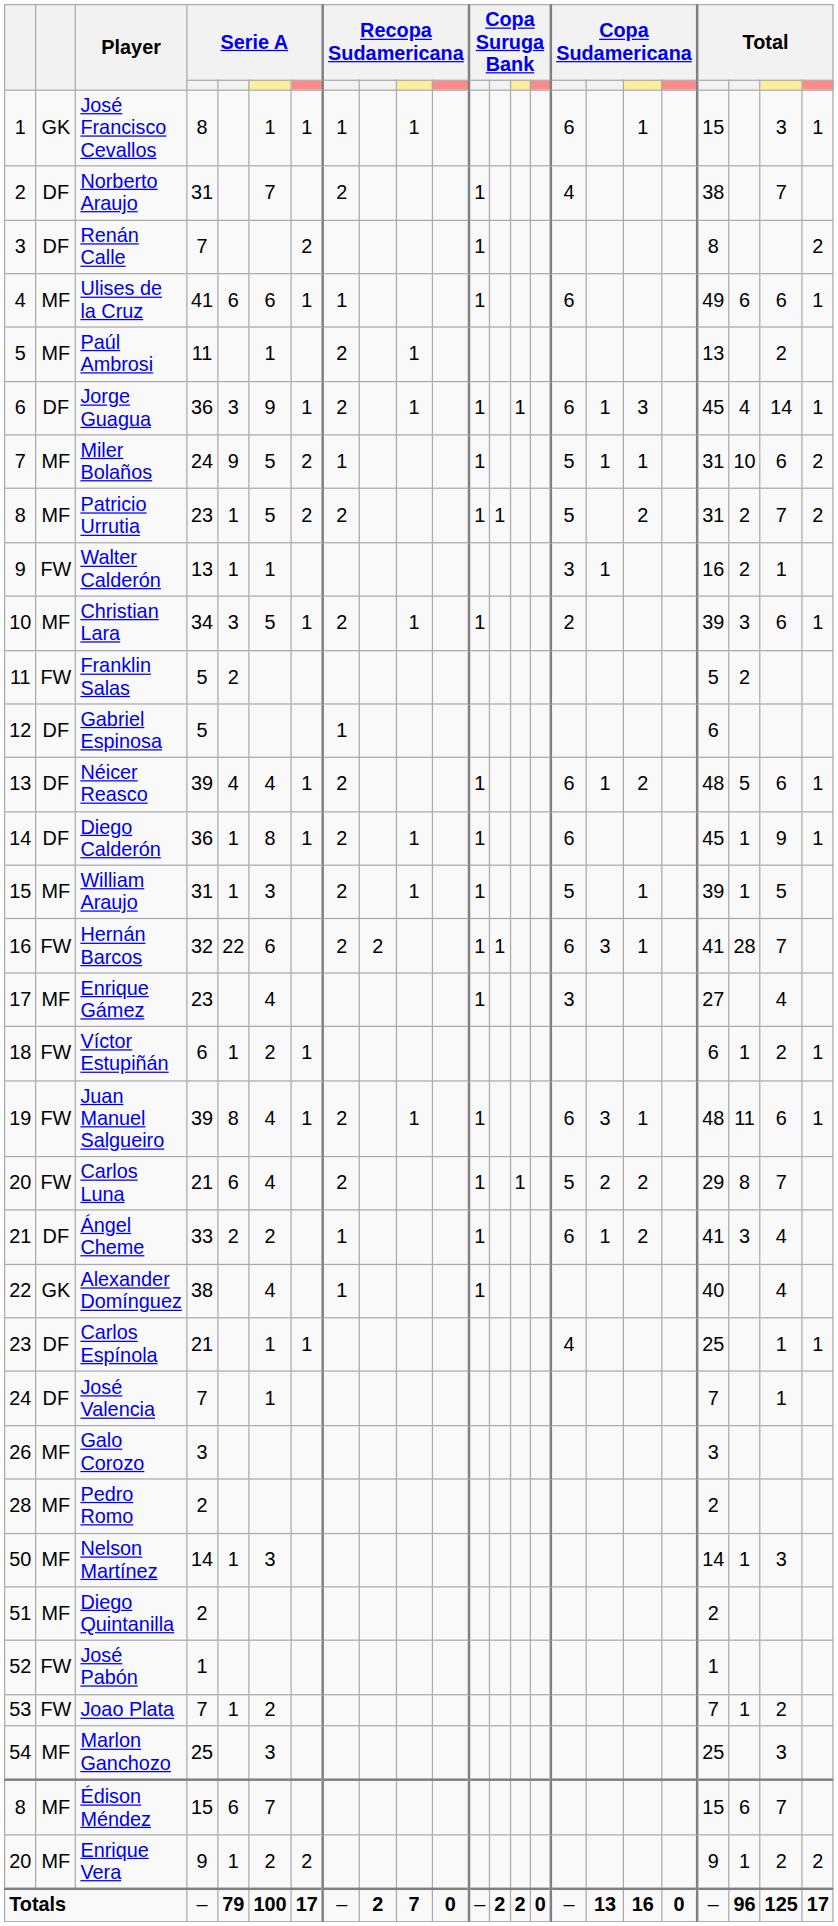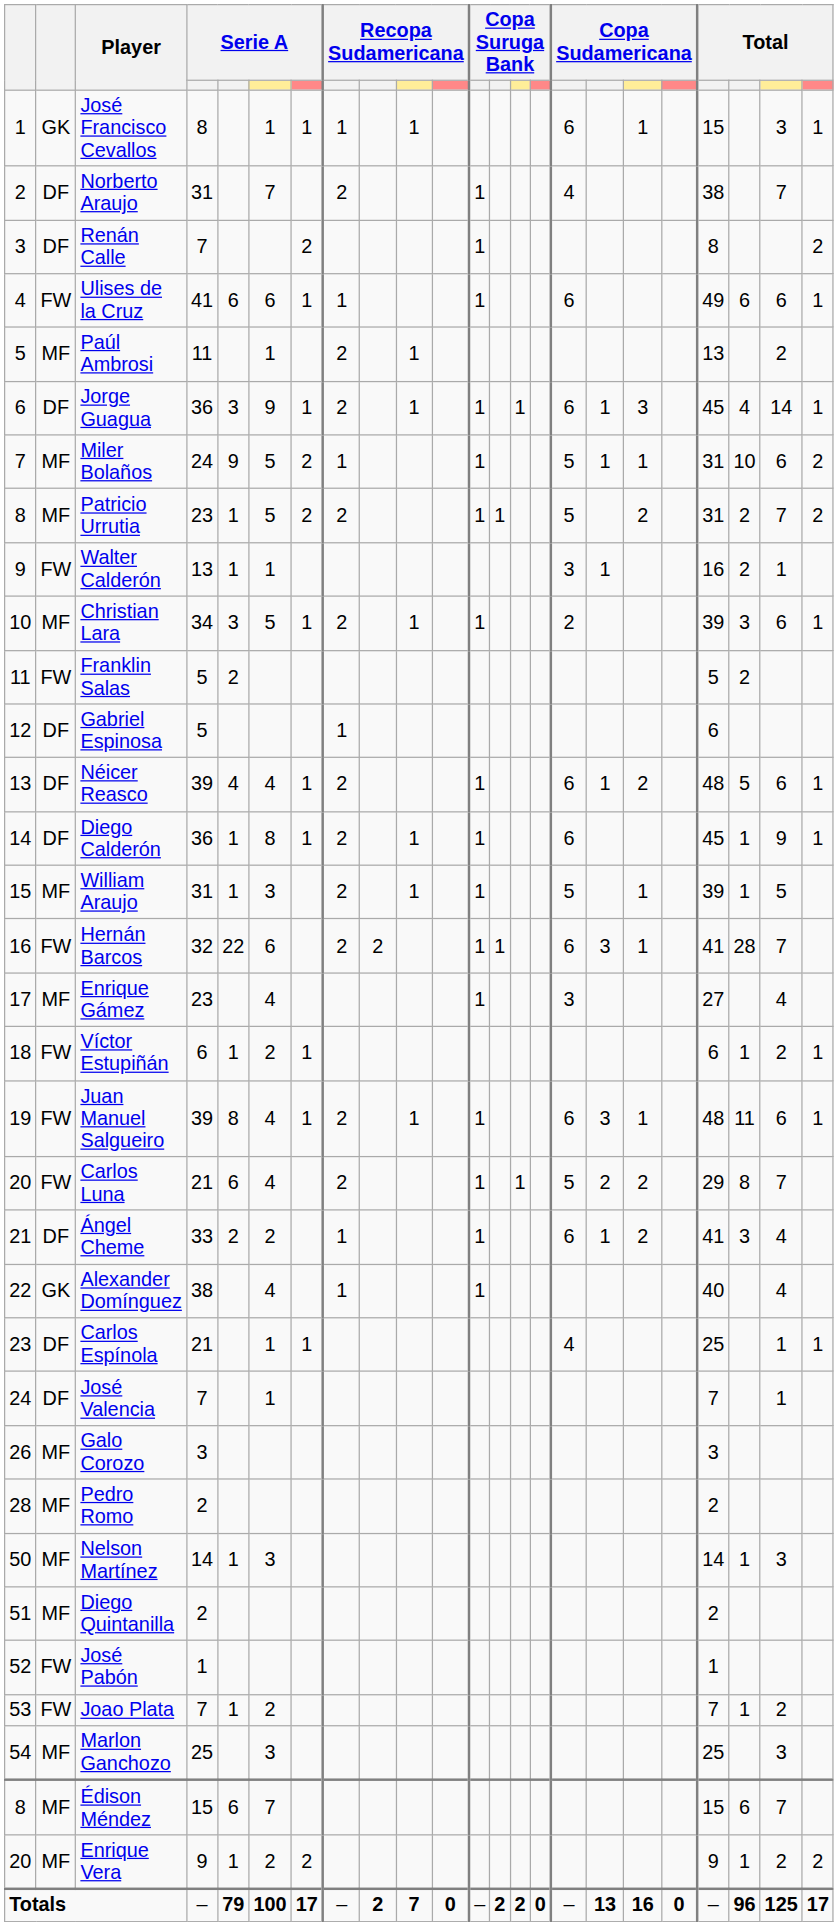 <table class="wikitable" style="text-align: center">
 <tr>
 <th rowspan="2" width=30 align="center"><strong></strong></th>
 <th rowspan="2" width=30 align="center"><strong></strong></th>
 <th rowspan="2" width=175 align="center"><strong>Player</strong></th>
 <th colspan="4" style="border-right:2px solid grey;" align="center"><strong><a href='#'>Serie A</a></strong></th>
 <th colspan="4" style="border-right:2px solid grey;" align="center"><strong><a href='#'>Recopa<br>Sudamericana</a></strong></th>
 <th colspan="4" style="border-right:2px solid grey;" align="center"><strong><a href='#'>Copa<br>Suruga Bank</a></strong></th>
 <th colspan="4" style="border-right:2px solid grey;" align="center"><strong><a href='#'>Copa<br>Sudamericana</a></strong></th>
 <th colspan="4" align="center"><strong>Total</strong></th>
 </tr>
 <tr>
 <th width=25 style="background:"></th>
 <th width=25 style="background:"></th>
 <th width=25 style="background: #FFEE99"></th>
 <th width=25 style="border-right:2px solid grey; background:#FF8888"></th>
 <th width=25 style="background:"></th>
 <th width=25 style="background:"></th>
 <th width=25 style="background: #FFEE99"></th>
 <th width=25 style="border-right:2px solid grey; background:#FF8888"></th>
 <th width=25 style="background:"></th>
 <th width=25 style="background:"></th>
 <th width=25 style="background: #FFEE99"></th>
 <th width=25 style="border-right:2px solid grey; background:#FF8888"></th>
 <th width=25 style="background:"></th>
 <th width=25 style="background:"></th>
 <th width=25 style="background: #FFEE99"></th>
 <th width=25 style="border-right:2px solid grey; background:#FF8888"></th>
 <th width=25 style="background:"></th>
 <th width=25 style="background:"></th>
 <th width=25 style="background: #FFEE99"></th>
 <th width=25 style="background: #FF8888"></th>
 </tr>
 <tr>
 <td>1</td>
 <td>GK</td>
 <td align=left><a href='#'>José Francisco Cevallos</a></td>
 <td>8</td>
 <td></td>
 <td>1</td>
 <td>1</td>
 <td style="border-left:2px solid grey">1</td>
 <td></td>
 <td>1</td>
 <td></td>
 <td style="border-left:2px solid grey"></td>
 <td></td>
 <td></td>
 <td></td>
 <td style="border-left:2px solid grey">6</td>
 <td></td>
 <td>1</td>
 <td></td>
 <td style="border-left:2px solid grey">15</td>
 <td></td>
 <td>3</td>
 <td>1</td>
 </tr>
 <tr>
 <td>2</td>
 <td>DF</td>
 <td align=left><a href='#'>Norberto Araujo</a></td>
 <td>31</td>
 <td></td>
 <td>7</td>
 <td></td>
 <td style="border-left:2px solid grey">2</td>
 <td></td>
 <td></td>
 <td></td>
 <td style="border-left:2px solid grey">1</td>
 <td></td>
 <td></td>
 <td></td>
 <td style="border-left:2px solid grey">4</td>
 <td></td>
 <td></td>
 <td></td>
 <td style="border-left:2px solid grey">38</td>
 <td></td>
 <td>7</td>
 <td></td>
 </tr>
 <tr>
 <td>3</td>
 <td>DF</td>
 <td align=left><a href='#'>Renán Calle</a></td>
 <td>7</td>
 <td></td>
 <td></td>
 <td>2</td>
 <td style="border-left:2px solid grey"></td>
 <td></td>
 <td></td>
 <td></td>
 <td style="border-left:2px solid grey">1</td>
 <td></td>
 <td></td>
 <td></td>
 <td style="border-left:2px solid grey"></td>
 <td></td>
 <td></td>
 <td></td>
 <td style="border-left:2px solid grey">8</td>
 <td></td>
 <td></td>
 <td>2</td>
 </tr>
 <tr>
 <td>4</td>
-<td>MF</td>
+<td>FW</td>
 <td align=left><a href='#'>Ulises de la Cruz</a></td>
 <td>41</td>
 <td>6</td>
 <td>6</td>
 <td>1</td>
 <td style="border-left:2px solid grey">1</td>
 <td></td>
 <td></td>
 <td></td>
 <td style="border-left:2px solid grey">1</td>
 <td></td>
 <td></td>
 <td></td>
 <td style="border-left:2px solid grey">6</td>
 <td></td>
 <td></td>
 <td></td>
 <td style="border-left:2px solid grey">49</td>
 <td>6</td>
 <td>6</td>
 <td>1</td>
 </tr>
 <tr>
 <td>5</td>
 <td>MF</td>
 <td align=left><a href='#'>Paúl Ambrosi</a></td>
 <td>11</td>
 <td></td>
 <td>1</td>
 <td></td>
 <td style="border-left:2px solid grey">2</td>
 <td></td>
 <td>1</td>
 <td></td>
 <td style="border-left:2px solid grey"></td>
 <td></td>
 <td></td>
 <td></td>
 <td style="border-left:2px solid grey"></td>
 <td></td>
 <td></td>
 <td></td>
 <td style="border-left:2px solid grey">13</td>
 <td></td>
 <td>2</td>
 <td></td>
 </tr>
 <tr>
 <td>6</td>
 <td>DF</td>
 <td align=left><a href='#'>Jorge Guagua</a></td>
 <td>36</td>
 <td>3</td>
 <td>9</td>
 <td>1</td>
 <td style="border-left:2px solid grey">2</td>
 <td></td>
 <td>1</td>
 <td></td>
 <td style="border-left:2px solid grey">1</td>
 <td></td>
 <td>1</td>
 <td></td>
 <td style="border-left:2px solid grey">6</td>
 <td>1</td>
 <td>3</td>
 <td></td>
 <td style="border-left:2px solid grey">45</td>
 <td>4</td>
 <td>14</td>
 <td>1</td>
 </tr>
 <tr>
 <td>7</td>
 <td>MF</td>
 <td align=left><a href='#'>Miler Bolaños</a></td>
 <td>24</td>
 <td>9</td>
 <td>5</td>
 <td>2</td>
 <td style="border-left:2px solid grey">1</td>
 <td></td>
 <td></td>
 <td></td>
 <td style="border-left:2px solid grey">1</td>
 <td></td>
 <td></td>
 <td></td>
 <td style="border-left:2px solid grey">5</td>
 <td>1</td>
 <td>1</td>
 <td></td>
 <td style="border-left:2px solid grey">31</td>
 <td>10</td>
 <td>6</td>
 <td>2</td>
 </tr>
 <tr>
 <td>8</td>
 <td>MF</td>
 <td align=left><a href='#'>Patricio Urrutia</a></td>
 <td>23</td>
 <td>1</td>
 <td>5</td>
 <td>2</td>
 <td style="border-left:2px solid grey">2</td>
 <td></td>
 <td></td>
 <td></td>
 <td style="border-left:2px solid grey">1</td>
 <td>1</td>
 <td></td>
 <td></td>
 <td style="border-left:2px solid grey">5</td>
 <td></td>
 <td>2</td>
 <td></td>
 <td style="border-left:2px solid grey">31</td>
 <td>2</td>
 <td>7</td>
 <td>2</td>
 </tr>
 <tr>
 <td>9</td>
 <td>FW</td>
 <td align=left><a href='#'>Walter Calderón</a></td>
 <td>13</td>
 <td>1</td>
 <td>1</td>
 <td></td>
 <td style="border-left:2px solid grey"></td>
 <td></td>
 <td></td>
 <td></td>
 <td style="border-left:2px solid grey"></td>
 <td></td>
 <td></td>
 <td></td>
 <td style="border-left:2px solid grey">3</td>
 <td>1</td>
 <td></td>
 <td></td>
 <td style="border-left:2px solid grey">16</td>
 <td>2</td>
 <td>1</td>
 <td></td>
 </tr>
 <tr>
 <td>10</td>
 <td>MF</td>
 <td align=left><a href='#'>Christian Lara</a></td>
 <td>34</td>
 <td>3</td>
 <td>5</td>
 <td>1</td>
 <td style="border-left:2px solid grey">2</td>
 <td></td>
 <td>1</td>
 <td></td>
 <td style="border-left:2px solid grey">1</td>
 <td></td>
 <td></td>
 <td></td>
 <td style="border-left:2px solid grey">2</td>
 <td></td>
 <td></td>
 <td></td>
 <td style="border-left:2px solid grey">39</td>
 <td>3</td>
 <td>6</td>
 <td>1</td>
 </tr>
 <tr>
 <td>11</td>
 <td>FW</td>
 <td align=left><a href='#'>Franklin Salas</a></td>
 <td>5</td>
 <td>2</td>
 <td></td>
 <td></td>
 <td style="border-left:2px solid grey"></td>
 <td></td>
 <td></td>
 <td></td>
 <td style="border-left:2px solid grey"></td>
 <td></td>
 <td></td>
 <td></td>
 <td style="border-left:2px solid grey"></td>
 <td></td>
 <td></td>
 <td></td>
 <td style="border-left:2px solid grey">5</td>
 <td>2</td>
 <td></td>
 <td></td>
 </tr>
 <tr>
 <td>12</td>
 <td>DF</td>
 <td align=left><a href='#'>Gabriel Espinosa</a></td>
 <td>5</td>
 <td></td>
 <td></td>
 <td></td>
 <td style="border-left:2px solid grey">1</td>
 <td></td>
 <td></td>
 <td></td>
 <td style="border-left:2px solid grey"></td>
 <td></td>
 <td></td>
 <td></td>
 <td style="border-left:2px solid grey"></td>
 <td></td>
 <td></td>
 <td></td>
 <td style="border-left:2px solid grey">6</td>
 <td></td>
 <td></td>
 <td></td>
 </tr>
 <tr>
 <td>13</td>
 <td>DF</td>
 <td align=left><a href='#'>Néicer Reasco</a></td>
 <td>39</td>
 <td>4</td>
 <td>4</td>
 <td>1</td>
 <td style="border-left:2px solid grey">2</td>
 <td></td>
 <td></td>
 <td></td>
 <td style="border-left:2px solid grey">1</td>
 <td></td>
 <td></td>
 <td></td>
 <td style="border-left:2px solid grey">6</td>
 <td>1</td>
 <td>2</td>
 <td></td>
 <td style="border-left:2px solid grey">48</td>
 <td>5</td>
 <td>6</td>
 <td>1</td>
 </tr>
 <tr>
 <td>14</td>
 <td>DF</td>
 <td align=left><a href='#'>Diego Calderón</a></td>
 <td>36</td>
 <td>1</td>
 <td>8</td>
 <td>1</td>
 <td style="border-left:2px solid grey">2</td>
 <td></td>
 <td>1</td>
 <td></td>
 <td style="border-left:2px solid grey">1</td>
 <td></td>
 <td></td>
 <td></td>
 <td style="border-left:2px solid grey">6</td>
 <td></td>
 <td></td>
 <td></td>
 <td style="border-left:2px solid grey">45</td>
 <td>1</td>
 <td>9</td>
 <td>1</td>
 </tr>
 <tr>
 <td>15</td>
 <td>MF</td>
 <td align=left><a href='#'>William Araujo</a></td>
 <td>31</td>
 <td>1</td>
 <td>3</td>
 <td></td>
 <td style="border-left:2px solid grey">2</td>
 <td></td>
 <td>1</td>
 <td></td>
 <td style="border-left:2px solid grey">1</td>
 <td></td>
 <td></td>
 <td></td>
 <td style="border-left:2px solid grey">5</td>
 <td></td>
 <td>1</td>
 <td></td>
 <td style="border-left:2px solid grey">39</td>
 <td>1</td>
 <td>5</td>
 <td></td>
 </tr>
 <tr>
 <td>16</td>
 <td>FW</td>
 <td align=left><a href='#'>Hernán Barcos</a></td>
 <td>32</td>
 <td>22</td>
 <td>6</td>
 <td></td>
 <td style="border-left:2px solid grey">2</td>
 <td>2</td>
 <td></td>
 <td></td>
 <td style="border-left:2px solid grey">1</td>
 <td>1</td>
 <td></td>
 <td></td>
 <td style="border-left:2px solid grey">6</td>
 <td>3</td>
 <td>1</td>
 <td></td>
 <td style="border-left:2px solid grey">41</td>
 <td>28</td>
 <td>7</td>
 <td></td>
 </tr>
 <tr>
 <td>17</td>
 <td>MF</td>
 <td align=left><a href='#'>Enrique Gámez</a></td>
 <td>23</td>
 <td></td>
 <td>4</td>
 <td></td>
 <td style="border-left:2px solid grey"></td>
 <td></td>
 <td></td>
 <td></td>
 <td style="border-left:2px solid grey">1</td>
 <td></td>
 <td></td>
 <td></td>
 <td style="border-left:2px solid grey">3</td>
 <td></td>
 <td></td>
 <td></td>
 <td style="border-left:2px solid grey">27</td>
 <td></td>
 <td>4</td>
 <td></td>
 </tr>
 <tr>
 <td>18</td>
 <td>FW</td>
 <td align=left><a href='#'>Víctor Estupiñán</a></td>
 <td>6</td>
 <td>1</td>
 <td>2</td>
 <td>1</td>
 <td style="border-left:2px solid grey"></td>
 <td></td>
 <td></td>
 <td></td>
 <td style="border-left:2px solid grey"></td>
 <td></td>
 <td></td>
 <td></td>
 <td style="border-left:2px solid grey"></td>
 <td></td>
 <td></td>
 <td></td>
 <td style="border-left:2px solid grey">6</td>
 <td>1</td>
 <td>2</td>
 <td>1</td>
 </tr>
 <tr>
 <td>19</td>
 <td>FW</td>
 <td align=left><a href='#'>Juan Manuel Salgueiro</a></td>
 <td>39</td>
 <td>8</td>
 <td>4</td>
 <td>1</td>
 <td style="border-left:2px solid grey">2</td>
 <td></td>
 <td>1</td>
 <td></td>
 <td style="border-left:2px solid grey">1</td>
 <td></td>
 <td></td>
 <td></td>
 <td style="border-left:2px solid grey">6</td>
 <td>3</td>
 <td>1</td>
 <td></td>
 <td style="border-left:2px solid grey">48</td>
 <td>11</td>
 <td>6</td>
 <td>1</td>
 </tr>
 <tr>
 <td>20</td>
 <td>FW</td>
 <td align=left><a href='#'>Carlos Luna</a></td>
 <td>21</td>
 <td>6</td>
 <td>4</td>
 <td></td>
 <td style="border-left:2px solid grey">2</td>
 <td></td>
 <td></td>
 <td></td>
 <td style="border-left:2px solid grey">1</td>
 <td></td>
 <td>1</td>
 <td></td>
 <td style="border-left:2px solid grey">5</td>
 <td>2</td>
 <td>2</td>
 <td></td>
 <td style="border-left:2px solid grey">29</td>
 <td>8</td>
 <td>7</td>
 <td></td>
 </tr>
 <tr>
 <td>21</td>
 <td>DF</td>
 <td align=left><a href='#'>Ángel Cheme</a></td>
 <td>33</td>
 <td>2</td>
 <td>2</td>
 <td></td>
 <td style="border-left:2px solid grey">1</td>
 <td></td>
 <td></td>
 <td></td>
 <td style="border-left:2px solid grey">1</td>
 <td></td>
 <td></td>
 <td></td>
 <td style="border-left:2px solid grey">6</td>
 <td>1</td>
 <td>2</td>
 <td></td>
 <td style="border-left:2px solid grey">41</td>
 <td>3</td>
 <td>4</td>
 <td></td>
 </tr>
 <tr>
 <td>22</td>
 <td>GK</td>
 <td align=left><a href='#'>Alexander Domínguez</a></td>
 <td>38</td>
 <td></td>
 <td>4</td>
 <td></td>
 <td style="border-left:2px solid grey">1</td>
 <td></td>
 <td></td>
 <td></td>
 <td style="border-left:2px solid grey">1</td>
 <td></td>
 <td></td>
 <td></td>
 <td style="border-left:2px solid grey"></td>
 <td></td>
 <td></td>
 <td></td>
 <td style="border-left:2px solid grey">40</td>
 <td></td>
 <td>4</td>
 <td></td>
 </tr>
 <tr>
 <td>23</td>
 <td>DF</td>
 <td align=left><a href='#'>Carlos Espínola</a></td>
 <td>21</td>
 <td></td>
 <td>1</td>
 <td>1</td>
 <td style="border-left:2px solid grey"></td>
 <td></td>
 <td></td>
 <td></td>
 <td style="border-left:2px solid grey"></td>
 <td></td>
 <td></td>
 <td></td>
 <td style="border-left:2px solid grey">4</td>
 <td></td>
 <td></td>
 <td></td>
 <td style="border-left:2px solid grey">25</td>
 <td></td>
 <td>1</td>
 <td>1</td>
 </tr>
 <tr>
 <td>24</td>
 <td>DF</td>
 <td align=left><a href='#'>José Valencia</a></td>
 <td>7</td>
 <td></td>
 <td>1</td>
 <td></td>
 <td style="border-left:2px solid grey"></td>
 <td></td>
 <td></td>
 <td></td>
 <td style="border-left:2px solid grey"></td>
 <td></td>
 <td></td>
 <td></td>
 <td style="border-left:2px solid grey"></td>
 <td></td>
 <td></td>
 <td></td>
 <td style="border-left:2px solid grey">7</td>
 <td></td>
 <td>1</td>
 <td></td>
 </tr>
 <tr>
 <td>26</td>
 <td>MF</td>
 <td align=left><a href='#'>Galo Corozo</a></td>
 <td>3</td>
 <td></td>
 <td></td>
 <td></td>
 <td style="border-left:2px solid grey"></td>
 <td></td>
 <td></td>
 <td></td>
 <td style="border-left:2px solid grey"></td>
 <td></td>
 <td></td>
 <td></td>
 <td style="border-left:2px solid grey"></td>
 <td></td>
 <td></td>
 <td></td>
 <td style="border-left:2px solid grey">3</td>
 <td></td>
 <td></td>
 <td></td>
 </tr>
 <tr>
 <td>28</td>
 <td>MF</td>
 <td align=left><a href='#'>Pedro Romo</a></td>
 <td>2</td>
 <td></td>
 <td></td>
 <td></td>
 <td style="border-left:2px solid grey"></td>
 <td></td>
 <td></td>
 <td></td>
 <td style="border-left:2px solid grey"></td>
 <td></td>
 <td></td>
 <td></td>
 <td style="border-left:2px solid grey"></td>
 <td></td>
 <td></td>
 <td></td>
 <td style="border-left:2px solid grey">2</td>
 <td></td>
 <td></td>
 <td></td>
 </tr>
 <tr>
 <td>50</td>
 <td>MF</td>
 <td align=left><a href='#'>Nelson Martínez</a></td>
 <td>14</td>
 <td>1</td>
 <td>3</td>
 <td></td>
 <td style="border-left:2px solid grey"></td>
 <td></td>
 <td></td>
 <td></td>
 <td style="border-left:2px solid grey"></td>
 <td></td>
 <td></td>
 <td></td>
 <td style="border-left:2px solid grey"></td>
 <td></td>
 <td></td>
 <td></td>
 <td style="border-left:2px solid grey">14</td>
 <td>1</td>
 <td>3</td>
 <td></td>
 </tr>
 <tr>
 <td>51</td>
 <td>MF</td>
 <td align=left><a href='#'>Diego Quintanilla</a></td>
 <td>2</td>
 <td></td>
 <td></td>
 <td></td>
 <td style="border-left:2px solid grey"></td>
 <td></td>
 <td></td>
 <td></td>
 <td style="border-left:2px solid grey"></td>
 <td></td>
 <td></td>
 <td></td>
 <td style="border-left:2px solid grey"></td>
 <td></td>
 <td></td>
 <td></td>
 <td style="border-left:2px solid grey">2</td>
 <td></td>
 <td></td>
 <td></td>
 </tr>
 <tr>
 <td>52</td>
 <td>FW</td>
 <td align=left><a href='#'>José Pabón</a></td>
 <td>1</td>
 <td></td>
 <td></td>
 <td></td>
 <td style="border-left:2px solid grey"></td>
 <td></td>
 <td></td>
 <td></td>
 <td style="border-left:2px solid grey"></td>
 <td></td>
 <td></td>
 <td></td>
 <td style="border-left:2px solid grey"></td>
 <td></td>
 <td></td>
 <td></td>
 <td style="border-left:2px solid grey">1</td>
 <td></td>
 <td></td>
 <td></td>
 </tr>
 <tr>
 <td>53</td>
 <td>FW</td>
 <td align=left><a href='#'>Joao Plata</a></td>
 <td>7</td>
 <td>1</td>
 <td>2</td>
 <td></td>
 <td style="border-left:2px solid grey"></td>
 <td></td>
 <td></td>
 <td></td>
 <td style="border-left:2px solid grey"></td>
 <td></td>
 <td></td>
 <td></td>
 <td style="border-left:2px solid grey"></td>
 <td></td>
 <td></td>
 <td></td>
 <td style="border-left:2px solid grey">7</td>
 <td>1</td>
 <td>2</td>
 <td></td>
 </tr>
 <tr>
 <td>54</td>
 <td>MF</td>
 <td align=left><a href='#'>Marlon Ganchozo</a></td>
 <td>25</td>
 <td></td>
 <td>3</td>
 <td></td>
 <td style="border-left:2px solid grey"></td>
 <td></td>
 <td></td>
 <td></td>
 <td style="border-left:2px solid grey"></td>
 <td></td>
 <td></td>
 <td></td>
 <td style="border-left:2px solid grey"></td>
 <td></td>
 <td></td>
 <td></td>
 <td style="border-left:2px solid grey">25</td>
 <td></td>
 <td>3</td>
 <td></td>
 </tr>
 <tr style="border-top:2px solid grey">
 <td>8</td>
 <td>MF</td>
 <td align=left><a href='#'>Édison Méndez</a></td>
 <td>15</td>
 <td>6</td>
 <td>7</td>
 <td></td>
 <td style="border-left:2px solid grey"></td>
 <td></td>
 <td></td>
 <td></td>
 <td style="border-left:2px solid grey"></td>
 <td></td>
 <td></td>
 <td></td>
 <td style="border-left:2px solid grey"></td>
 <td></td>
 <td></td>
 <td></td>
 <td style="border-left:2px solid grey">15</td>
 <td>6</td>
 <td>7</td>
 <td></td>
 </tr>
 <tr>
 <td>20</td>
 <td>MF</td>
 <td align=left><a href='#'>Enrique Vera</a></td>
 <td>9</td>
 <td>1</td>
 <td>2</td>
 <td>2</td>
 <td style="border-left:2px solid grey"></td>
 <td></td>
 <td></td>
 <td></td>
 <td style="border-left:2px solid grey"></td>
 <td></td>
 <td></td>
 <td></td>
 <td style="border-left:2px solid grey"></td>
 <td></td>
 <td></td>
 <td></td>
 <td style="border-left:2px solid grey">9</td>
 <td>1</td>
 <td>2</td>
 <td>2</td>
 </tr>
 <tr style="border-top:2px solid grey">
 <td colspan=3 align=left><strong>Totals</strong></td>
 <td>–</td>
 <td><strong>79</strong></td>
 <td><strong>100</strong></td>
 <td><strong>17</strong></td>
 <td style="border-left:2px solid grey">–</td>
 <td><strong>2</strong></td>
 <td><strong>7</strong></td>
 <td><strong>0</strong></td>
 <td style="border-left:2px solid grey">–</td>
 <td><strong>2</strong></td>
 <td><strong>2</strong></td>
 <td><strong>0</strong></td>
 <td style="border-left:2px solid grey">–</td>
 <td><strong>13</strong></td>
 <td><strong>16</strong></td>
 <td><strong>0</strong></td>
 <td style="border-left:2px solid grey">–</td>
 <td><strong>96</strong></td>
 <td><strong>125</strong></td>
 <td><strong>17</strong></td>
 </tr>
 </table>
